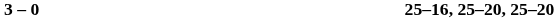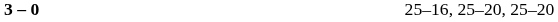 <table width=100% cellspacing=1>
 <tr>
 <th width=20%></th>
 <th width=12%></th>
 <th width=20%></th>
 <th width=33%></th>
 <td></td>
 </tr>
 <tr style=font-size:95%>
 <td align=right><strong></strong></td>
 <td align=center><strong>3 – 0</strong></td>
 <td></td>
-<td><strong>25–16, 25–20, 25–20</strong></td>
+<td>25–16, 25–20, 25–20</td>
 </tr>
 </table>
